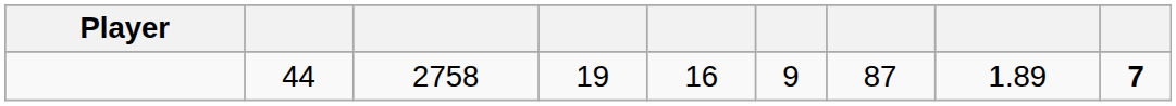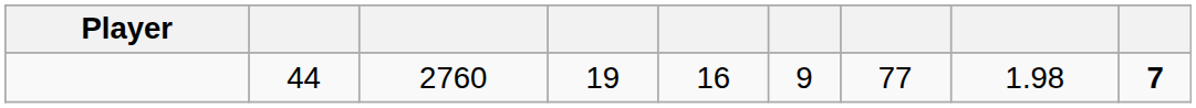 <table class="wikitable sortable" style="width:100%;">
 <tr style="text-align:center; background:#ddd;">
 <th>Player</th>
 <th></th>
 <th></th>
 <th></th>
 <th></th>
 <th></th>
 <th></th>
 <th></th>
 <th></th>
 </tr>
 <tr align=center>
 <td></td>
 <td>44</td>
-<td>2758</td>
+<td>2760</td>
 <td>19</td>
 <td>16</td>
 <td>9</td>
-<td>87</td>
-<td>1.89</td>
+<td>77</td>
+<td>1.98</td>
 <td><strong>7</strong></td>
 </tr>
 </table>
